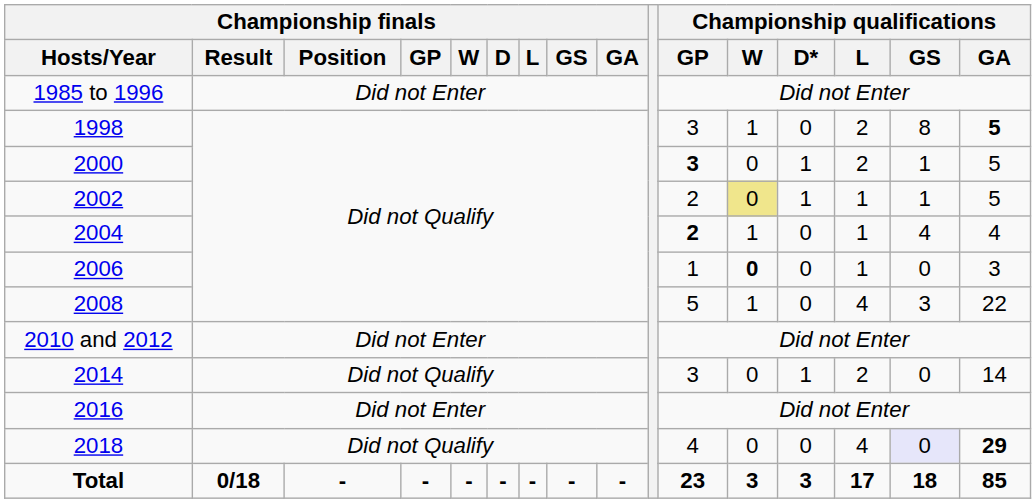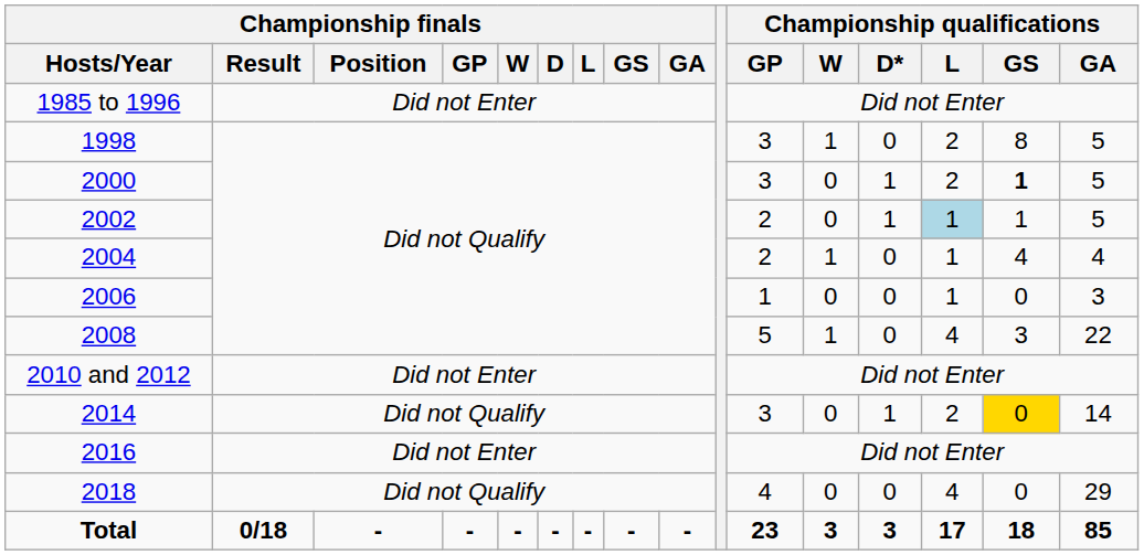 <table class="wikitable" style="text-align: center;">
 <tr>
 <th colspan=9>Championship finals</th>
 <th style="width:1% ; " rowspan="30"></th>
 <th colspan=6>Championship qualifications</th>
 </tr>
 <tr>
 <th>Hosts/Year</th>
 <th>Result</th>
 <th>Position</th>
 <th>GP</th>
 <th>W</th>
 <th>D</th>
 <th>L</th>
 <th>GS</th>
 <th>GA</th>
 <th>GP</th>
 <th>W</th>
 <th>D*</th>
 <th>L</th>
 <th>GS</th>
 <th>GA</th>
 </tr>
 <tr>
 <td> <a href='#'>1985</a> to  <a href='#'>1996</a></td>
 <td colspan=8 rowspan=1><em>Did not Enter</em></td>
 <td colspan=6 rowspan=1><em>Did not Enter</em></td>
 </tr>
 <tr>
 <td> <a href='#'>1998</a></td>
 <td colspan=8 rowspan=6><em>Did not Qualify</em></td>
 <td>3</td>
 <td>1</td>
 <td>0</td>
 <td>2</td>
 <td>8</td>
-<td><strong>5</strong></td>
+<td>5</td>
 </tr>
 <tr>
 <td> <a href='#'>2000</a></td>
-<td><strong>3</strong></td>
+<td>3</td>
 <td>0</td>
 <td>1</td>
 <td>2</td>
-<td>1</td>
+<td><strong>1</strong></td>
 <td>5</td>
 </tr>
 <tr>
 <td> <a href='#'>2002</a></td>
 <td>2</td>
-<td style="background: khaki;">0</td>
+<td>0</td>
 <td>1</td>
-<td>1</td>
+<td style="background: lightblue;">1</td>
 <td>1</td>
 <td>5</td>
 </tr>
 <tr>
 <td> <a href='#'>2004</a></td>
-<td><strong>2</strong></td>
+<td>2</td>
 <td>1</td>
 <td>0</td>
 <td>1</td>
 <td>4</td>
 <td>4</td>
 </tr>
 <tr>
 <td> <a href='#'>2006</a></td>
 <td>1</td>
-<td><strong>0</strong></td>
+<td>0</td>
 <td>0</td>
 <td>1</td>
 <td>0</td>
 <td>3</td>
 </tr>
 <tr>
 <td> <a href='#'>2008</a></td>
 <td>5</td>
 <td>1</td>
 <td>0</td>
 <td>4</td>
 <td>3</td>
 <td>22</td>
 </tr>
 <tr>
 <td> <a href='#'>2010</a> and  <a href='#'>2012</a></td>
 <td colspan=8 rowspan=1><em>Did not Enter</em></td>
 <td colspan=6 rowspan=1><em>Did not Enter</em></td>
 </tr>
 <tr>
 <td> <a href='#'>2014</a></td>
 <td colspan=8 rowspan=1><em>Did not Qualify</em></td>
 <td>3</td>
 <td>0</td>
 <td>1</td>
 <td>2</td>
-<td>0</td>
+<td style="background: gold;">0</td>
 <td>14</td>
 </tr>
 <tr>
 <td> <a href='#'>2016</a></td>
 <td colspan=8 rowspan=1><em>Did not Enter</em></td>
 <td colspan=6 rowspan=1><em>Did not Enter</em></td>
 </tr>
 <tr>
 <td> <a href='#'>2018</a></td>
 <td colspan=8 rowspan=1><em>Did not Qualify</em></td>
 <td>4</td>
 <td>0</td>
 <td>0</td>
 <td>4</td>
-<td style="background: lavender;">0</td>
-<td><strong>29</strong></td>
+<td>0</td>
+<td>29</td>
 </tr>
 <tr>
 <td><strong>Total</strong></td>
 <td><strong>0/18</strong></td>
 <td><strong>-</strong></td>
 <td><strong>-</strong></td>
 <td><strong>-</strong></td>
 <td><strong>-</strong></td>
 <td><strong>-</strong></td>
 <td><strong>-</strong></td>
 <td><strong>-</strong></td>
 <td><strong>23</strong></td>
 <td><strong>3</strong></td>
 <td><strong>3</strong></td>
 <td><strong>17</strong></td>
 <td><strong>18</strong></td>
 <td><strong>85</strong></td>
 </tr>
 </table>
